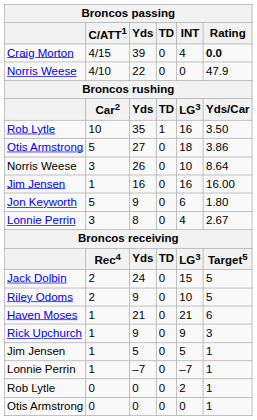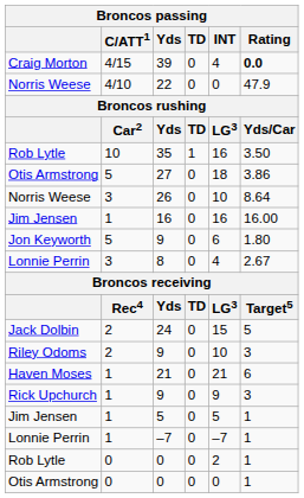 <table class="wikitable">
 <tr>
 <th colspan="6">Broncos passing</th>
 </tr>
 <tr>
 <th></th>
 <th>C/ATT<sup>1</sup></th>
 <th>Yds</th>
 <th>TD</th>
 <th>INT</th>
 <th>Rating</th>
 </tr>
 <tr>
 <td><a href='#'>Craig Morton</a></td>
 <td>4/15</td>
 <td>39</td>
 <td>0</td>
 <td>4</td>
 <td><strong>0.0</strong></td>
 </tr>
 <tr>
 <td><a href='#'>Norris Weese</a></td>
 <td>4/10</td>
 <td>22</td>
 <td>0</td>
 <td>0</td>
 <td>47.9</td>
 </tr>
 <tr>
 <th colspan="6">Broncos rushing</th>
 </tr>
 <tr>
 <th></th>
 <th>Car<sup>2</sup></th>
 <th>Yds</th>
 <th>TD</th>
 <th>LG<sup>3</sup></th>
 <th>Yds/Car</th>
 </tr>
 <tr>
 <td><a href='#'>Rob Lytle</a></td>
 <td>10</td>
 <td>35</td>
 <td>1</td>
 <td>16</td>
 <td>3.50</td>
 </tr>
 <tr>
 <td><a href='#'>Otis Armstrong</a></td>
 <td>5</td>
 <td>27</td>
 <td>0</td>
 <td>18</td>
 <td>3.86</td>
 </tr>
 <tr>
 <td>Norris Weese</td>
 <td>3</td>
 <td>26</td>
 <td>0</td>
 <td>10</td>
 <td>8.64</td>
 </tr>
 <tr>
 <td><a href='#'>Jim Jensen</a></td>
 <td>1</td>
 <td>16</td>
 <td>0</td>
 <td>16</td>
 <td>16.00</td>
 </tr>
 <tr>
 <td><a href='#'>Jon Keyworth</a></td>
 <td>5</td>
 <td>9</td>
 <td>0</td>
 <td>6</td>
 <td>1.80</td>
 </tr>
 <tr>
 <td><a href='#'>Lonnie Perrin</a></td>
 <td>3</td>
 <td>8</td>
 <td>0</td>
 <td>4</td>
 <td>2.67</td>
 </tr>
 <tr>
 <th colspan="6">Broncos receiving</th>
 </tr>
 <tr>
 <th></th>
 <th>Rec<sup>4</sup></th>
 <th>Yds</th>
 <th>TD</th>
 <th>LG<sup>3</sup></th>
 <th>Target<sup>5</sup></th>
 </tr>
 <tr>
 <td><a href='#'>Jack Dolbin</a></td>
 <td>2</td>
 <td>24</td>
 <td>0</td>
 <td>15</td>
 <td>5</td>
 </tr>
 <tr>
 <td><a href='#'>Riley Odoms</a></td>
 <td>2</td>
 <td>9</td>
 <td>0</td>
 <td>10</td>
-<td>5</td>
+<td>3</td>
 </tr>
 <tr>
 <td><a href='#'>Haven Moses</a></td>
 <td>1</td>
 <td>21</td>
 <td>0</td>
 <td>21</td>
 <td>6</td>
 </tr>
 <tr>
 <td><a href='#'>Rick Upchurch</a></td>
 <td>1</td>
 <td>9</td>
 <td>0</td>
 <td>9</td>
 <td>3</td>
 </tr>
 <tr>
 <td>Jim Jensen</td>
 <td>1</td>
 <td>5</td>
 <td>0</td>
 <td>5</td>
 <td>1</td>
 </tr>
 <tr>
 <td>Lonnie Perrin</td>
 <td>1</td>
 <td>–7</td>
 <td>0</td>
 <td>–7</td>
 <td>1</td>
 </tr>
 <tr>
 <td>Rob Lytle</td>
 <td>0</td>
 <td>0</td>
 <td>0</td>
 <td>2</td>
 <td>1</td>
 </tr>
 <tr>
 <td>Otis Armstrong</td>
 <td>0</td>
 <td>0</td>
 <td>0</td>
 <td>0</td>
 <td>1</td>
 </tr>
 </table>
